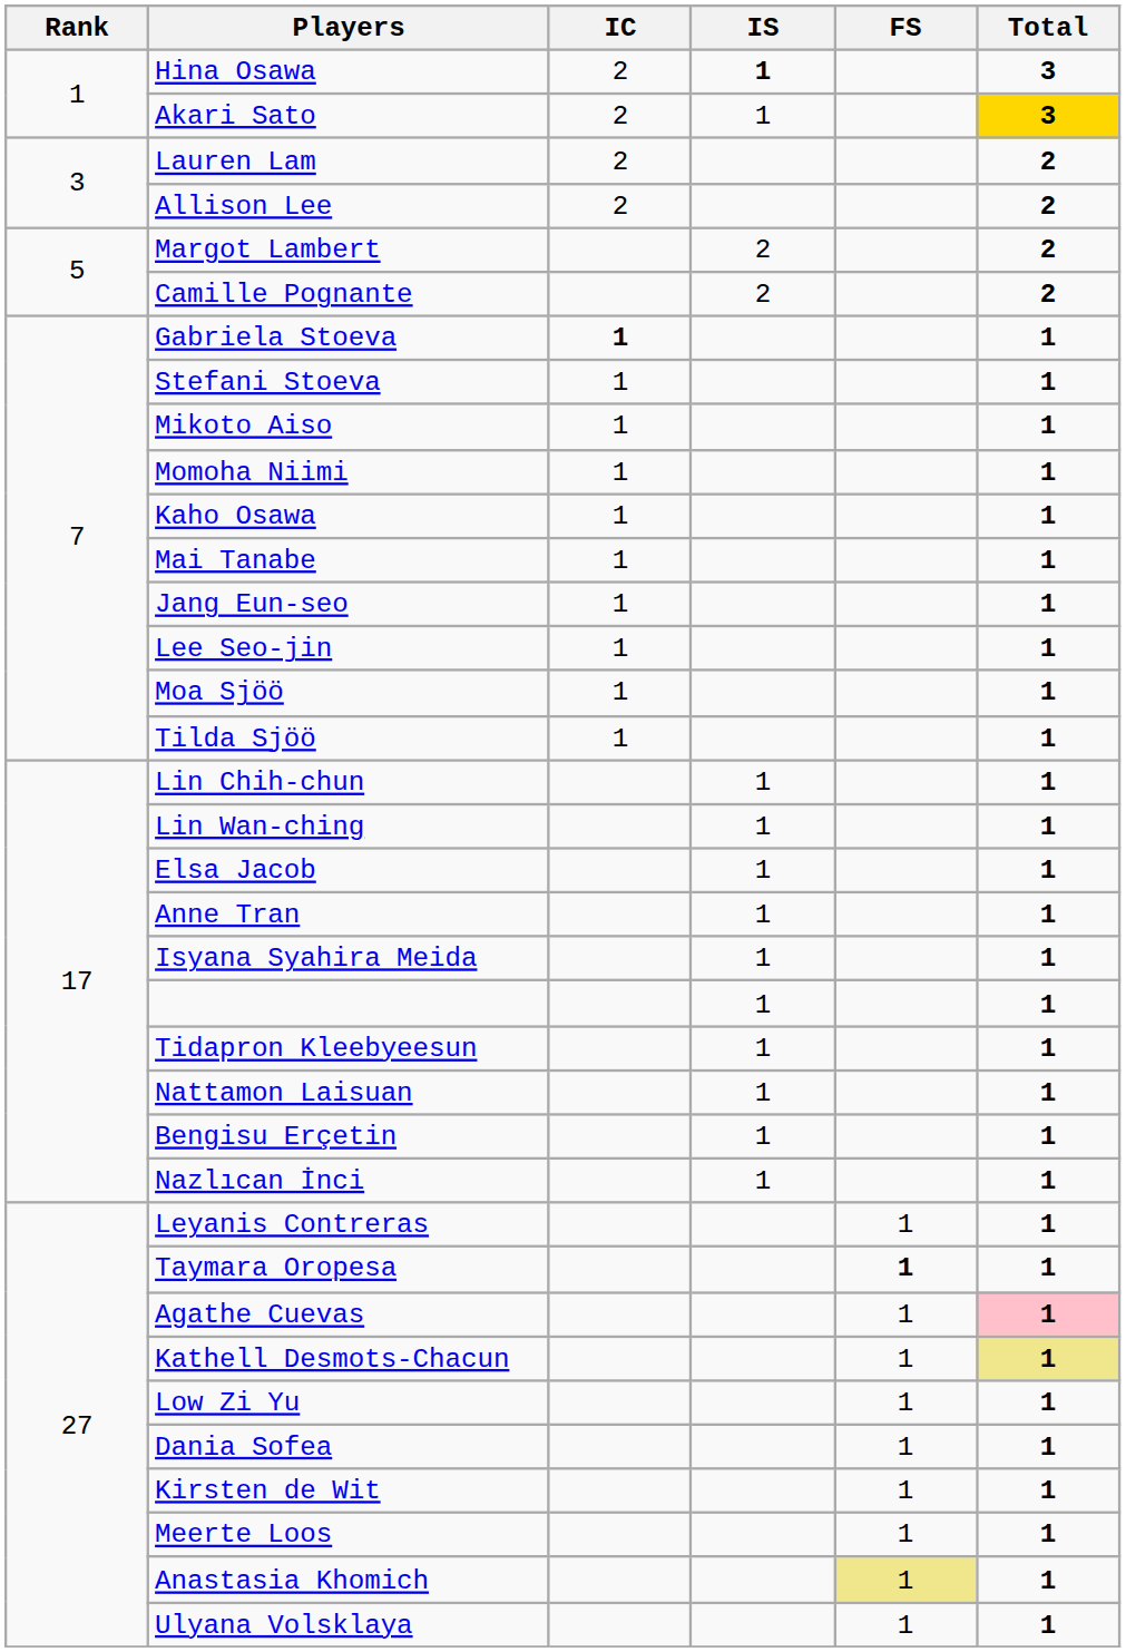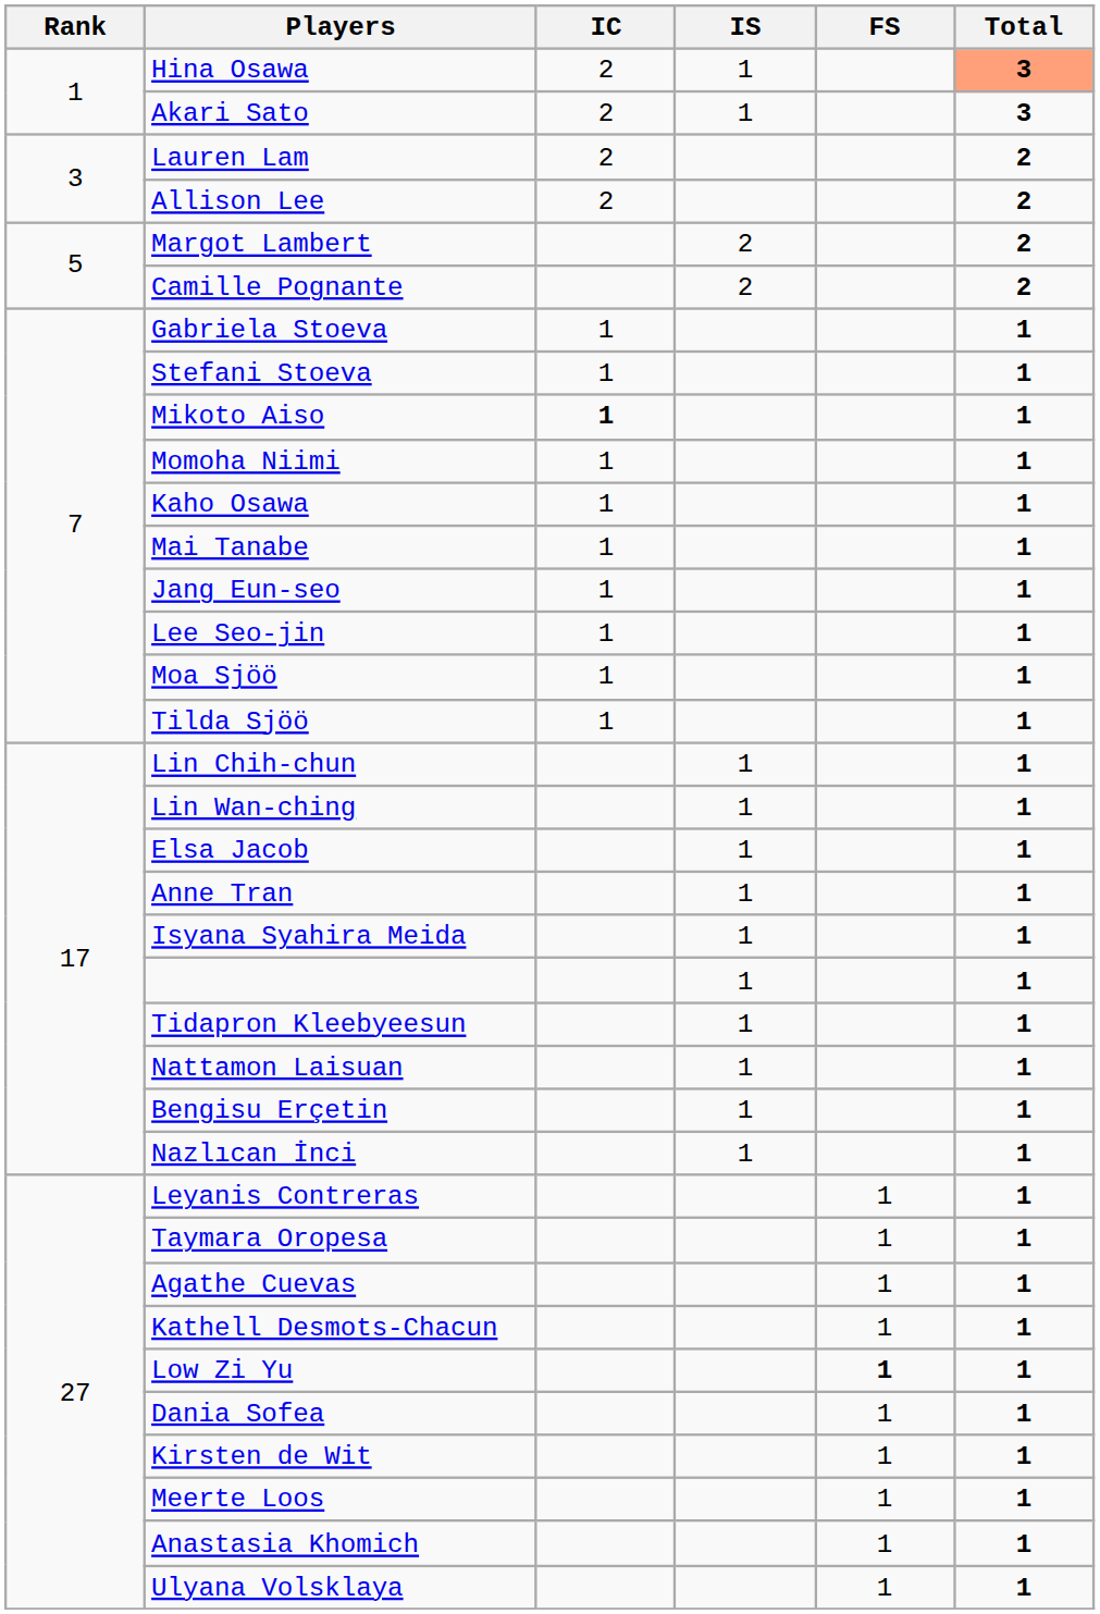 <table class="wikitable" style="font-size:80%; text-align:center">
 <tr>
 <th width="50">Rank</th>
 <th width="150">Players</th>
 <th width="50">IC</th>
 <th width="50">IS</th>
 <th width="50">FS</th>
 <th width="50">Total</th>
 </tr>
 <tr>
 <td rowspan="2">1</td>
 <td align="left"> <a href='#'>Hina Osawa</a></td>
 <td>2</td>
-<td><strong>1</strong></td>
+<td>1</td>
 <td></td>
-<td><strong>3</strong></td>
+<td style="background: lightsalmon;"><strong>3</strong></td>
 </tr>
 <tr>
 <td align="left"> <a href='#'>Akari Sato</a></td>
 <td>2</td>
 <td>1</td>
 <td></td>
-<td style="background: gold;"><strong>3</strong></td>
+<td><strong>3</strong></td>
 </tr>
 <tr>
 <td rowspan="2">3</td>
 <td align="left"> <a href='#'>Lauren Lam</a></td>
 <td>2</td>
 <td></td>
 <td></td>
 <td><strong>2</strong></td>
 </tr>
 <tr>
 <td align="left"> <a href='#'>Allison Lee</a></td>
 <td>2</td>
 <td></td>
 <td></td>
 <td><strong>2</strong></td>
 </tr>
 <tr>
 <td rowspan="2">5</td>
 <td align="left"> <a href='#'>Margot Lambert</a></td>
 <td></td>
 <td>2</td>
 <td></td>
 <td><strong>2</strong></td>
 </tr>
 <tr>
 <td align="left"> <a href='#'>Camille Pognante</a></td>
 <td></td>
 <td>2</td>
 <td></td>
 <td><strong>2</strong></td>
 </tr>
 <tr>
 <td rowspan="10">7</td>
 <td align="left"> <a href='#'>Gabriela Stoeva</a></td>
-<td><strong>1</strong></td>
+<td>1</td>
 <td></td>
 <td></td>
 <td><strong>1</strong></td>
 </tr>
 <tr>
 <td align="left"> <a href='#'>Stefani Stoeva</a></td>
 <td>1</td>
 <td></td>
 <td></td>
 <td><strong>1</strong></td>
 </tr>
 <tr>
 <td align="left"> <a href='#'>Mikoto Aiso</a></td>
-<td>1</td>
+<td><strong>1</strong></td>
 <td></td>
 <td></td>
 <td><strong>1</strong></td>
 </tr>
 <tr>
 <td align="left"> <a href='#'>Momoha Niimi</a></td>
 <td>1</td>
 <td></td>
 <td></td>
 <td><strong>1</strong></td>
 </tr>
 <tr>
 <td align="left"> <a href='#'>Kaho Osawa</a></td>
 <td>1</td>
 <td></td>
 <td></td>
 <td><strong>1</strong></td>
 </tr>
 <tr>
 <td align="left"> <a href='#'>Mai Tanabe</a></td>
 <td>1</td>
 <td></td>
 <td></td>
 <td><strong>1</strong></td>
 </tr>
 <tr>
 <td align="left"> <a href='#'>Jang Eun-seo</a></td>
 <td>1</td>
 <td></td>
 <td></td>
 <td><strong>1</strong></td>
 </tr>
 <tr>
 <td align="left"> <a href='#'>Lee Seo-jin</a></td>
 <td>1</td>
 <td></td>
 <td></td>
 <td><strong>1</strong></td>
 </tr>
 <tr>
 <td align="left"> <a href='#'>Moa Sjöö</a></td>
 <td>1</td>
 <td></td>
 <td></td>
 <td><strong>1</strong></td>
 </tr>
 <tr>
 <td align="left"> <a href='#'>Tilda Sjöö</a></td>
 <td>1</td>
 <td></td>
 <td></td>
 <td><strong>1</strong></td>
 </tr>
 <tr>
 <td rowspan="10">17</td>
 <td align="left"> <a href='#'>Lin Chih-chun</a></td>
 <td></td>
 <td>1</td>
 <td></td>
 <td><strong>1</strong></td>
 </tr>
 <tr>
 <td align="left"> <a href='#'>Lin Wan-ching</a></td>
 <td></td>
 <td>1</td>
 <td></td>
 <td><strong>1</strong></td>
 </tr>
 <tr>
 <td align="left"> <a href='#'>Elsa Jacob</a></td>
 <td></td>
 <td>1</td>
 <td></td>
 <td><strong>1</strong></td>
 </tr>
 <tr>
 <td align="left"> <a href='#'>Anne Tran</a></td>
 <td></td>
 <td>1</td>
 <td></td>
 <td><strong>1</strong></td>
 </tr>
 <tr>
 <td align="left"> <a href='#'>Isyana Syahira Meida</a></td>
 <td></td>
 <td>1</td>
 <td></td>
 <td><strong>1</strong></td>
 </tr>
 <tr>
 <td align="left"></td>
 <td></td>
 <td>1</td>
 <td></td>
 <td><strong>1</strong></td>
 </tr>
 <tr>
 <td align="left"> <a href='#'>Tidapron Kleebyeesun</a></td>
 <td></td>
 <td>1</td>
 <td></td>
 <td><strong>1</strong></td>
 </tr>
 <tr>
 <td align="left"> <a href='#'>Nattamon Laisuan</a></td>
 <td></td>
 <td>1</td>
 <td></td>
 <td><strong>1</strong></td>
 </tr>
 <tr>
 <td align="left"> <a href='#'>Bengisu Erçetin</a></td>
 <td></td>
 <td>1</td>
 <td></td>
 <td><strong>1</strong></td>
 </tr>
 <tr>
 <td align="left"> <a href='#'>Nazlıcan İnci</a></td>
 <td></td>
 <td>1</td>
 <td></td>
 <td><strong>1</strong></td>
 </tr>
 <tr>
 <td rowspan="10">27</td>
 <td align="left"> <a href='#'>Leyanis Contreras</a></td>
 <td></td>
 <td></td>
 <td>1</td>
 <td><strong>1</strong></td>
 </tr>
 <tr>
 <td align="left"> <a href='#'>Taymara Oropesa</a></td>
 <td></td>
 <td></td>
-<td><strong>1</strong></td>
+<td>1</td>
 <td><strong>1</strong></td>
 </tr>
 <tr>
 <td align="left"> <a href='#'>Agathe Cuevas</a></td>
 <td></td>
 <td></td>
 <td>1</td>
-<td style="background: pink;"><strong>1</strong></td>
+<td><strong>1</strong></td>
 </tr>
 <tr>
 <td align="left"> <a href='#'>Kathell Desmots-Chacun</a></td>
 <td></td>
 <td></td>
 <td>1</td>
-<td style="background: khaki;"><strong>1</strong></td>
+<td><strong>1</strong></td>
 </tr>
 <tr>
 <td align="left"> <a href='#'>Low Zi Yu</a></td>
 <td></td>
 <td></td>
-<td>1</td>
+<td><strong>1</strong></td>
 <td><strong>1</strong></td>
 </tr>
 <tr>
 <td align="left"> <a href='#'>Dania Sofea</a></td>
 <td></td>
 <td></td>
 <td>1</td>
 <td><strong>1</strong></td>
 </tr>
 <tr>
 <td align="left"> <a href='#'>Kirsten de Wit</a></td>
 <td></td>
 <td></td>
 <td>1</td>
 <td><strong>1</strong></td>
 </tr>
 <tr>
 <td align="left"> <a href='#'>Meerte Loos</a></td>
 <td></td>
 <td></td>
 <td>1</td>
 <td><strong>1</strong></td>
 </tr>
 <tr>
 <td align="left"> <a href='#'>Anastasia Khomich</a></td>
 <td></td>
 <td></td>
-<td style="background: khaki;">1</td>
+<td>1</td>
 <td><strong>1</strong></td>
 </tr>
 <tr>
 <td align="left"> <a href='#'>Ulyana Volsklaya</a></td>
 <td></td>
 <td></td>
 <td>1</td>
 <td><strong>1</strong></td>
 </tr>
 </table>
